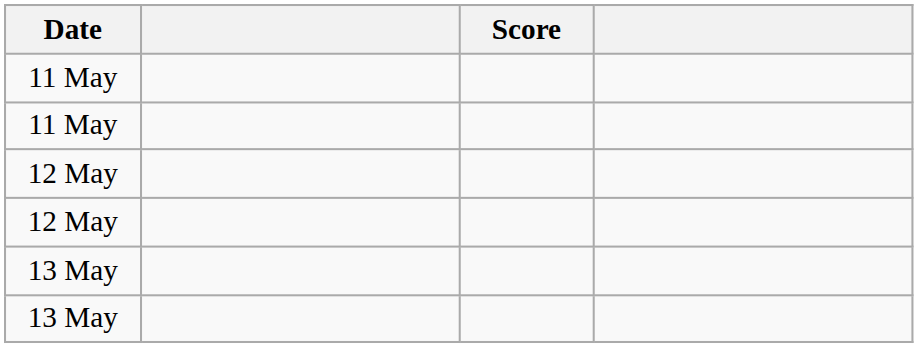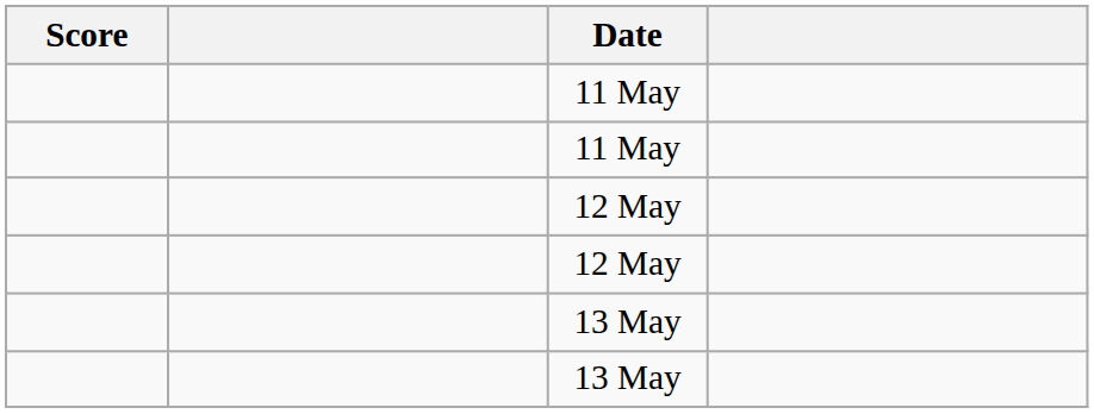 <table class="wikitable" style="text-align: center; font-size:90% ">
 <tr>
+<th width="60">Score</th>
+<th align="right" width="150"></th>
 <th width="60">Date</th>
-<th align="right" width="150"></th>
-<th width="60">Score</th>
 <th align="left" width="150"></th>
 </tr>
 <tr>
+<td align=center></td>
+<td align=left><strong></strong></td>
 <td>11 May</td>
-<td align=left><strong></strong></td>
-<td align=center></td>
 <td align=left></td>
 </tr>
 <tr>
+<td align=center></td>
+<td align=left><strong></strong></td>
 <td>11 May</td>
-<td align=left><strong></strong></td>
-<td align=center></td>
 <td align=left></td>
 </tr>
 <tr>
+<td align=center></td>
+<td align=left><strong></strong></td>
 <td>12 May</td>
-<td align=left><strong></strong></td>
-<td align=center></td>
 <td align=left></td>
 </tr>
 <tr>
+<td align=center></td>
+<td align=left></td>
 <td>12 May</td>
-<td align=left></td>
-<td align=center></td>
 <td align=left><strong></strong></td>
 </tr>
 <tr>
+<td align=center></td>
+<td align=left><strong></strong></td>
 <td>13 May</td>
-<td align=left><strong></strong></td>
-<td align=center></td>
 <td align=left></td>
 </tr>
 <tr>
+<td align=center></td>
+<td align=left></td>
 <td>13 May</td>
-<td align=left></td>
-<td align=center></td>
 <td align=left><strong></strong></td>
 </tr>
 </table>
